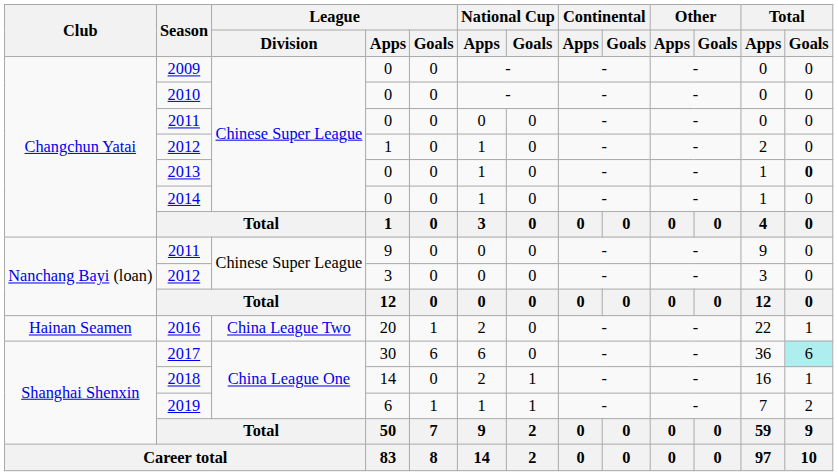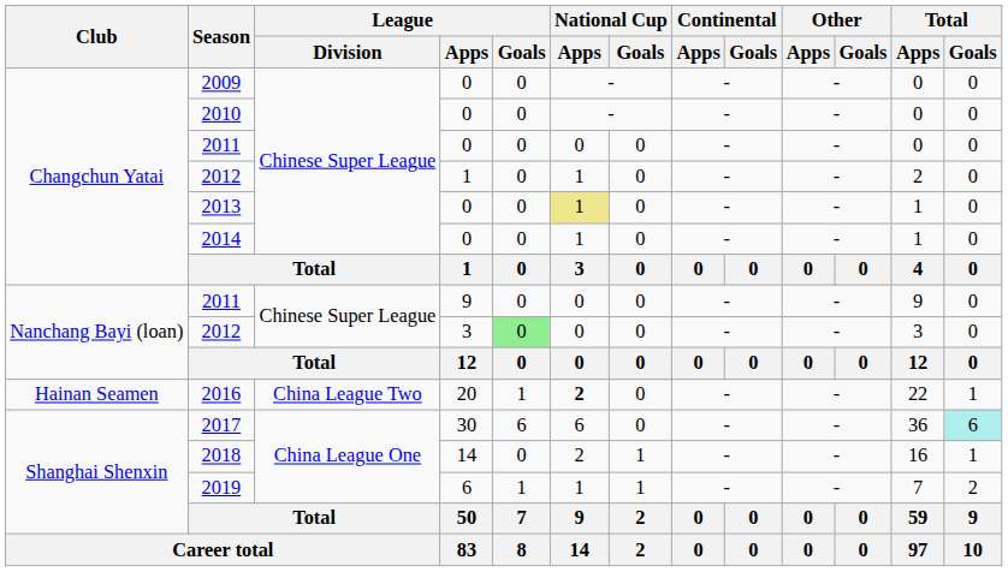 <table class="wikitable" style="text-align: center">
 <tr>
 <th rowspan="2">Club</th>
 <th rowspan="2">Season</th>
 <th colspan="3">League</th>
 <th colspan="2">National Cup</th>
 <th colspan="2">Continental</th>
 <th colspan="2">Other</th>
 <th colspan="2">Total</th>
 </tr>
 <tr>
 <th>Division</th>
 <th>Apps</th>
 <th>Goals</th>
 <th>Apps</th>
 <th>Goals</th>
 <th>Apps</th>
 <th>Goals</th>
 <th>Apps</th>
 <th>Goals</th>
 <th>Apps</th>
 <th>Goals</th>
 </tr>
 <tr>
 <td rowspan=7><a href='#'>Changchun Yatai</a></td>
 <td><a href='#'>2009</a></td>
 <td rowspan=6><a href='#'>Chinese Super League</a></td>
 <td>0</td>
 <td>0</td>
 <td colspan="2">-</td>
 <td colspan="2">-</td>
 <td colspan="2">-</td>
 <td>0</td>
 <td>0</td>
 </tr>
 <tr>
 <td><a href='#'>2010</a></td>
 <td>0</td>
 <td>0</td>
 <td colspan="2">-</td>
 <td colspan="2">-</td>
 <td colspan="2">-</td>
 <td>0</td>
 <td>0</td>
 </tr>
 <tr>
 <td><a href='#'>2011</a></td>
 <td>0</td>
 <td>0</td>
 <td>0</td>
 <td>0</td>
 <td colspan="2">-</td>
 <td colspan="2">-</td>
 <td>0</td>
 <td>0</td>
 </tr>
 <tr>
 <td><a href='#'>2012</a></td>
 <td>1</td>
 <td>0</td>
 <td>1</td>
 <td>0</td>
 <td colspan="2">-</td>
 <td colspan="2">-</td>
 <td>2</td>
 <td>0</td>
 </tr>
 <tr>
 <td><a href='#'>2013</a></td>
 <td>0</td>
 <td>0</td>
-<td>1</td>
+<td style="background: khaki;">1</td>
 <td>0</td>
 <td colspan="2">-</td>
 <td colspan="2">-</td>
 <td>1</td>
-<td><strong>0</strong></td>
+<td>0</td>
 </tr>
 <tr>
 <td><a href='#'>2014</a></td>
 <td>0</td>
 <td>0</td>
 <td>1</td>
 <td>0</td>
 <td colspan="2">-</td>
 <td colspan="2">-</td>
 <td>1</td>
 <td>0</td>
 </tr>
 <tr>
 <th colspan=2>Total</th>
 <th>1</th>
 <th>0</th>
 <th>3</th>
 <th>0</th>
 <th>0</th>
 <th>0</th>
 <th>0</th>
 <th>0</th>
 <th>4</th>
 <th>0</th>
 </tr>
 <tr>
 <td rowspan=3><a href='#'>Nanchang Bayi</a> (loan)</td>
 <td><a href='#'>2011</a></td>
 <td rowspan=2>Chinese Super League</td>
 <td>9</td>
 <td>0</td>
 <td>0</td>
 <td>0</td>
 <td colspan="2">-</td>
 <td colspan="2">-</td>
 <td>9</td>
 <td>0</td>
 </tr>
 <tr>
 <td><a href='#'>2012</a></td>
 <td>3</td>
-<td>0</td>
+<td style="background: lightgreen;">0</td>
 <td>0</td>
 <td>0</td>
 <td colspan="2">-</td>
 <td colspan="2">-</td>
 <td>3</td>
 <td>0</td>
 </tr>
 <tr>
 <th colspan=2>Total</th>
 <th>12</th>
 <th>0</th>
 <th>0</th>
 <th>0</th>
 <th>0</th>
 <th>0</th>
 <th>0</th>
 <th>0</th>
 <th>12</th>
 <th>0</th>
 </tr>
 <tr>
 <td><a href='#'>Hainan Seamen</a></td>
 <td><a href='#'>2016</a></td>
 <td><a href='#'>China League Two</a></td>
 <td>20</td>
 <td>1</td>
-<td>2</td>
+<td><strong>2</strong></td>
 <td>0</td>
 <td colspan="2">-</td>
 <td colspan="2">-</td>
 <td>22</td>
 <td>1</td>
 </tr>
 <tr>
 <td rowspan=4><a href='#'>Shanghai Shenxin</a></td>
 <td><a href='#'>2017</a></td>
 <td rowspan="3"><a href='#'>China League One</a></td>
 <td>30</td>
 <td>6</td>
 <td>6</td>
 <td>0</td>
 <td colspan="2">-</td>
 <td colspan="2">-</td>
 <td>36</td>
 <td style="background: paleturquoise;">6</td>
 </tr>
 <tr>
 <td><a href='#'>2018</a></td>
 <td>14</td>
 <td>0</td>
 <td>2</td>
 <td>1</td>
 <td colspan="2">-</td>
 <td colspan="2">-</td>
 <td>16</td>
 <td>1</td>
 </tr>
 <tr>
 <td><a href='#'>2019</a></td>
 <td>6</td>
 <td>1</td>
 <td>1</td>
 <td>1</td>
 <td colspan="2">-</td>
 <td colspan="2">-</td>
 <td>7</td>
 <td>2</td>
 </tr>
 <tr>
 <th colspan=2>Total</th>
 <th>50</th>
 <th>7</th>
 <th>9</th>
 <th>2</th>
 <th>0</th>
 <th>0</th>
 <th>0</th>
 <th>0</th>
 <th>59</th>
 <th>9</th>
 </tr>
 <tr>
 <th colspan=3>Career total</th>
 <th>83</th>
 <th>8</th>
 <th>14</th>
 <th>2</th>
 <th>0</th>
 <th>0</th>
 <th>0</th>
 <th>0</th>
 <th>97</th>
 <th>10</th>
 </tr>
 </table>
